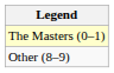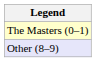 <table class="wikitable">
 <tr>
 <th>Legend</th>
 </tr>
 <tr style="background:#ffc;">
 <td>The Masters (0–1)</td>
 </tr>
 <tr>
-<td>Other (8–9)</td>
+<td style="background: lavender;">Other (8–9)</td>
 </tr>
 </table>
